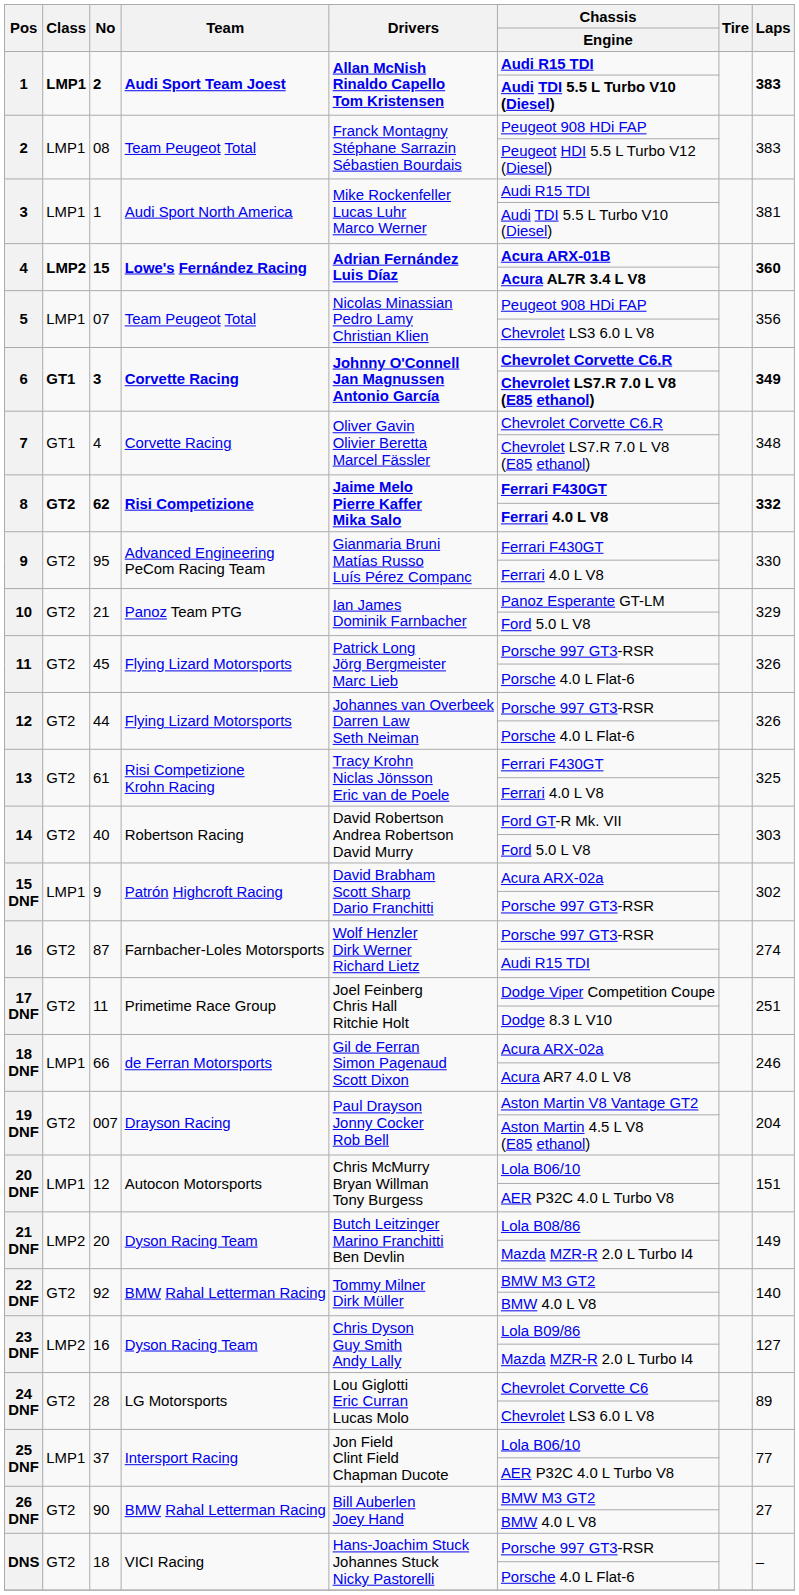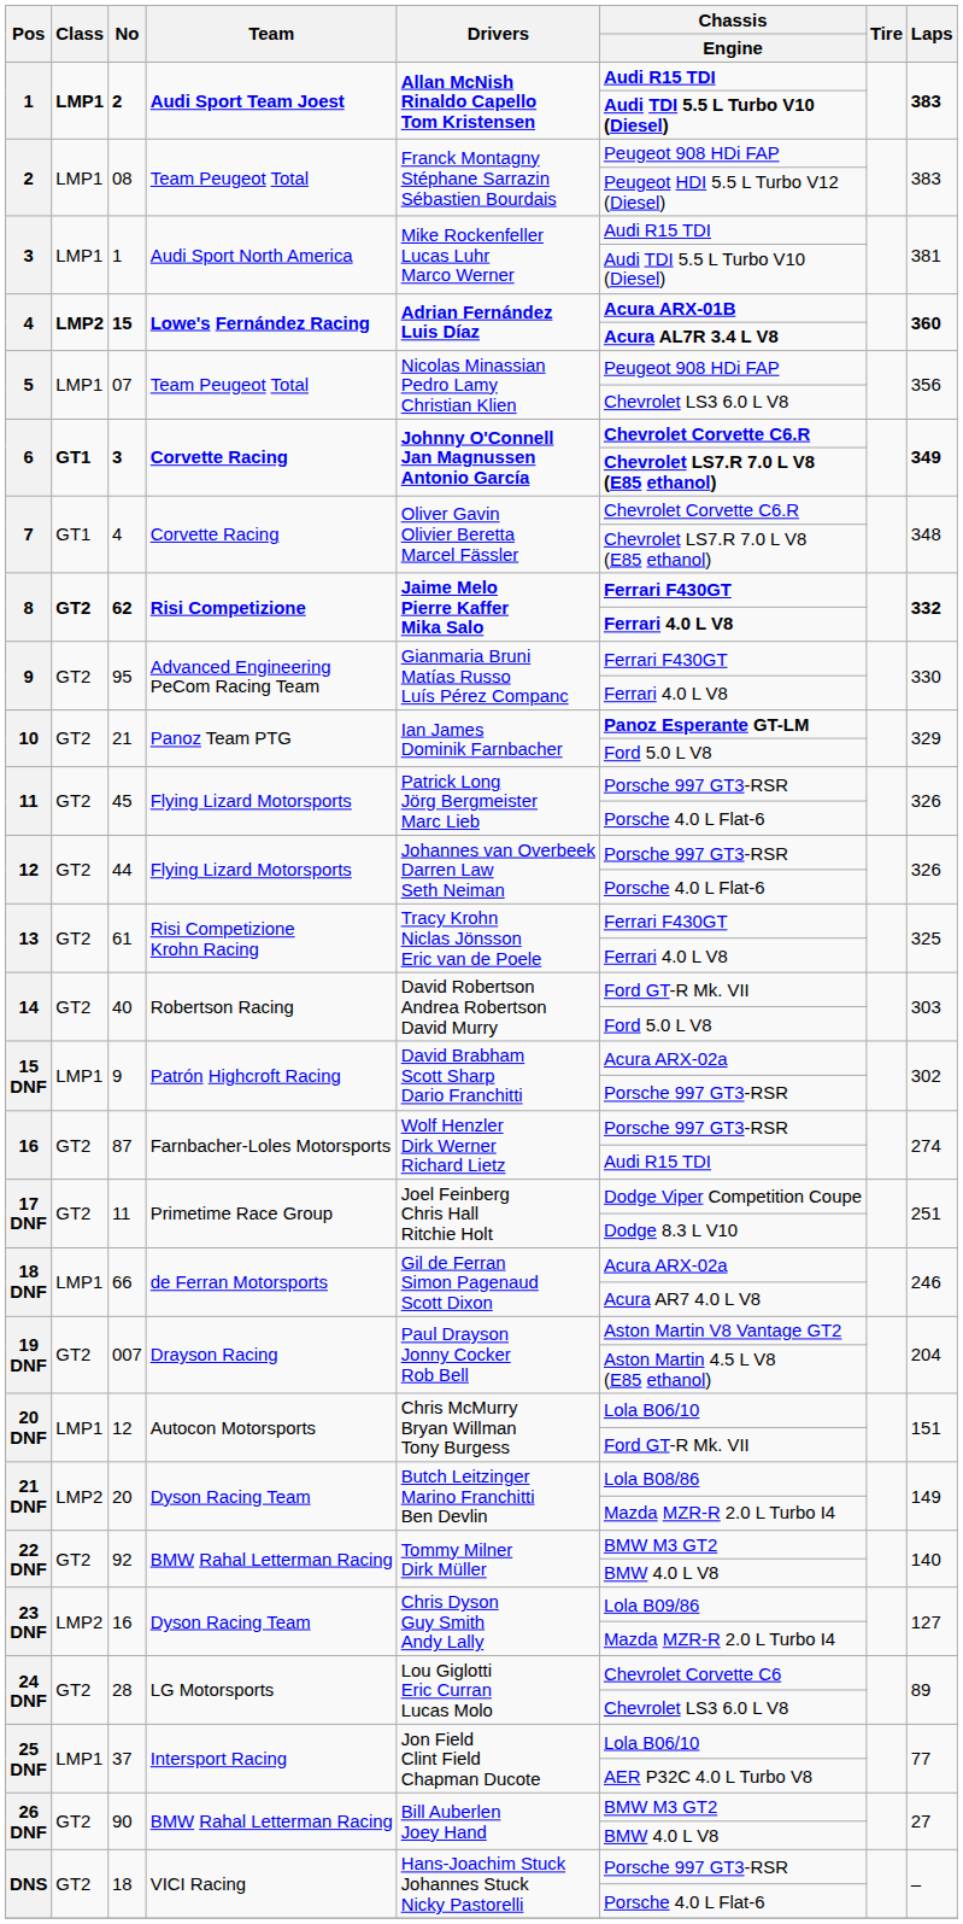 <table class="wikitable" style="font-size: 95%;">
 <tr>
 <th rowspan=2>Pos</th>
 <th rowspan=2>Class</th>
 <th rowspan=2>No</th>
 <th rowspan=2>Team</th>
 <th rowspan=2>Drivers</th>
 <th>Chassis</th>
 <th rowspan=2>Tire</th>
 <th rowspan=2>Laps</th>
 </tr>
 <tr>
 <th>Engine</th>
 </tr>
 <tr style="font-weight:bold">
 <th rowspan=2>1</th>
 <td rowspan=2>LMP1</td>
 <td rowspan=2>2</td>
 <td rowspan=2> <a href='#'>Audi Sport Team Joest</a></td>
 <td rowspan=2> <a href='#'>Allan McNish</a><br> <a href='#'>Rinaldo Capello</a><br> <a href='#'>Tom Kristensen</a></td>
 <td><a href='#'>Audi R15 TDI</a></td>
 <td rowspan=2></td>
 <td rowspan=2>383</td>
 </tr>
 <tr style="font-weight:bold">
 <td><a href='#'>Audi</a> <a href='#'>TDI</a> 5.5 L Turbo V10<br>(<a href='#'>Diesel</a>)</td>
 </tr>
 <tr>
 <th rowspan=2>2</th>
 <td rowspan=2>LMP1</td>
 <td rowspan=2>08</td>
 <td rowspan=2> <a href='#'>Team Peugeot</a> <a href='#'>Total</a></td>
 <td rowspan=2> <a href='#'>Franck Montagny</a><br> <a href='#'>Stéphane Sarrazin</a><br> <a href='#'>Sébastien Bourdais</a></td>
 <td><a href='#'>Peugeot 908 HDi FAP</a></td>
 <td rowspan=2></td>
 <td rowspan=2>383</td>
 </tr>
 <tr>
 <td><a href='#'>Peugeot</a> <a href='#'>HDI</a> 5.5 L Turbo V12<br>(<a href='#'>Diesel</a>)</td>
 </tr>
 <tr>
 <th rowspan=2>3</th>
 <td rowspan=2>LMP1</td>
 <td rowspan=2>1</td>
 <td rowspan=2> <a href='#'>Audi Sport North America</a></td>
 <td rowspan=2> <a href='#'>Mike Rockenfeller</a><br> <a href='#'>Lucas Luhr</a><br> <a href='#'>Marco Werner</a></td>
 <td><a href='#'>Audi R15 TDI</a></td>
 <td rowspan=2></td>
 <td rowspan=2>381</td>
 </tr>
 <tr>
 <td><a href='#'>Audi</a> <a href='#'>TDI</a> 5.5 L Turbo V10<br>(<a href='#'>Diesel</a>)</td>
 </tr>
 <tr style="font-weight:bold">
 <th rowspan=2>4</th>
 <td rowspan=2>LMP2</td>
 <td rowspan=2>15</td>
 <td rowspan=2> <a href='#'>Lowe's</a> <a href='#'>Fernández Racing</a></td>
 <td rowspan=2> <a href='#'>Adrian Fernández</a><br> <a href='#'>Luis Díaz</a></td>
 <td><a href='#'>Acura ARX-01B</a></td>
 <td rowspan=2></td>
 <td rowspan=2>360</td>
 </tr>
 <tr style="font-weight:bold">
 <td><a href='#'>Acura</a> AL7R 3.4 L V8</td>
 </tr>
 <tr>
 <th rowspan=2>5</th>
 <td rowspan=2>LMP1</td>
 <td rowspan=2>07</td>
 <td rowspan=2> <a href='#'>Team Peugeot</a> <a href='#'>Total</a></td>
 <td rowspan=2> <a href='#'>Nicolas Minassian</a><br> <a href='#'>Pedro Lamy</a><br> <a href='#'>Christian Klien</a></td>
 <td><a href='#'>Peugeot 908 HDi FAP</a></td>
 <td rowspan=2></td>
 <td rowspan=2>356</td>
 </tr>
 <tr>
 <td><a href='#'>Chevrolet</a> LS3 6.0 L V8</td>
 </tr>
 <tr style="font-weight:bold">
 <th rowspan=2>6</th>
 <td rowspan=2>GT1</td>
 <td rowspan=2>3</td>
 <td rowspan=2> <a href='#'>Corvette Racing</a></td>
 <td rowspan=2> <a href='#'>Johnny O'Connell</a><br> <a href='#'>Jan Magnussen</a><br> <a href='#'>Antonio García</a></td>
 <td><a href='#'>Chevrolet Corvette C6.R</a></td>
 <td rowspan=2></td>
 <td rowspan=2>349</td>
 </tr>
 <tr style="font-weight:bold">
 <td><a href='#'>Chevrolet</a> LS7.R 7.0 L V8<br>(<a href='#'>E85</a> <a href='#'>ethanol</a>)</td>
 </tr>
 <tr>
 <th rowspan=2>7</th>
 <td rowspan=2>GT1</td>
 <td rowspan=2>4</td>
 <td rowspan=2> <a href='#'>Corvette Racing</a></td>
 <td rowspan=2> <a href='#'>Oliver Gavin</a><br> <a href='#'>Olivier Beretta</a><br> <a href='#'>Marcel Fässler</a></td>
 <td><a href='#'>Chevrolet Corvette C6.R</a></td>
 <td rowspan=2></td>
 <td rowspan=2>348</td>
 </tr>
 <tr>
 <td><a href='#'>Chevrolet</a> LS7.R 7.0 L V8<br>(<a href='#'>E85</a> <a href='#'>ethanol</a>)</td>
 </tr>
 <tr style="font-weight:bold">
 <th rowspan=2>8</th>
 <td rowspan=2>GT2</td>
 <td rowspan=2>62</td>
 <td rowspan=2> <a href='#'>Risi Competizione</a></td>
 <td rowspan=2> <a href='#'>Jaime Melo</a><br> <a href='#'>Pierre Kaffer</a><br> <a href='#'>Mika Salo</a></td>
 <td><a href='#'>Ferrari F430GT</a></td>
 <td rowspan=2></td>
 <td rowspan=2>332</td>
 </tr>
 <tr style="font-weight:bold">
 <td><a href='#'>Ferrari</a> 4.0 L V8</td>
 </tr>
 <tr>
 <th rowspan=2>9</th>
 <td rowspan=2>GT2</td>
 <td rowspan=2>95</td>
 <td rowspan=2> <a href='#'>Advanced Engineering</a><br> PeCom Racing Team</td>
 <td rowspan=2> <a href='#'>Gianmaria Bruni</a><br> <a href='#'>Matías Russo</a><br> <a href='#'>Luís Pérez Companc</a></td>
 <td><a href='#'>Ferrari F430GT</a></td>
 <td rowspan=2></td>
 <td rowspan=2>330</td>
 </tr>
 <tr>
 <td><a href='#'>Ferrari</a> 4.0 L V8</td>
 </tr>
 <tr>
 <th rowspan=2>10</th>
 <td rowspan=2>GT2</td>
 <td rowspan=2>21</td>
 <td rowspan=2> <a href='#'>Panoz</a> Team PTG</td>
 <td rowspan=2> <a href='#'>Ian James</a><br> <a href='#'>Dominik Farnbacher</a></td>
-<td><a href='#'>Panoz Esperante</a> GT-LM</td>
+<td><strong><a href='#'>Panoz Esperante</a> GT-LM</strong></td>
 <td rowspan=2></td>
 <td rowspan=2>329</td>
 </tr>
 <tr>
 <td><a href='#'>Ford</a> 5.0 L V8</td>
 </tr>
 <tr>
 <th rowspan=2>11</th>
 <td rowspan=2>GT2</td>
 <td rowspan=2>45</td>
 <td rowspan=2> <a href='#'>Flying Lizard Motorsports</a></td>
 <td rowspan=2> <a href='#'>Patrick Long</a><br> <a href='#'>Jörg Bergmeister</a><br> <a href='#'>Marc Lieb</a></td>
 <td><a href='#'>Porsche 997 GT3</a>-RSR</td>
 <td rowspan=2></td>
 <td rowspan=2>326</td>
 </tr>
 <tr>
 <td><a href='#'>Porsche</a> 4.0 L Flat-6</td>
 </tr>
 <tr>
 <th rowspan=2>12</th>
 <td rowspan=2>GT2</td>
 <td rowspan=2>44</td>
 <td rowspan=2> <a href='#'>Flying Lizard Motorsports</a></td>
 <td rowspan=2> <a href='#'>Johannes van Overbeek</a><br> <a href='#'>Darren Law</a><br> <a href='#'>Seth Neiman</a></td>
 <td><a href='#'>Porsche 997 GT3</a>-RSR</td>
 <td rowspan=2></td>
 <td rowspan=2>326</td>
 </tr>
 <tr>
 <td><a href='#'>Porsche</a> 4.0 L Flat-6</td>
 </tr>
 <tr>
 <th rowspan=2>13</th>
 <td rowspan=2>GT2</td>
 <td rowspan=2>61</td>
 <td rowspan=2> <a href='#'>Risi Competizione</a><br> <a href='#'>Krohn Racing</a></td>
 <td rowspan=2> <a href='#'>Tracy Krohn</a><br> <a href='#'>Niclas Jönsson</a><br> <a href='#'>Eric van de Poele</a></td>
 <td><a href='#'>Ferrari F430GT</a></td>
 <td rowspan=2></td>
 <td rowspan=2>325</td>
 </tr>
 <tr>
 <td><a href='#'>Ferrari</a> 4.0 L V8</td>
 </tr>
 <tr>
 <th rowspan=2>14</th>
 <td rowspan=2>GT2</td>
 <td rowspan=2>40</td>
 <td rowspan=2> Robertson Racing</td>
 <td rowspan=2> David Robertson<br> Andrea Robertson<br> David Murry</td>
 <td><a href='#'>Ford GT</a>-R Mk. VII</td>
 <td rowspan=2></td>
 <td rowspan=2>303</td>
 </tr>
 <tr>
 <td><a href='#'>Ford</a> 5.0 L V8</td>
 </tr>
 <tr>
 <th rowspan=2>15<br>DNF</th>
 <td rowspan=2>LMP1</td>
 <td rowspan=2>9</td>
 <td rowspan=2> <a href='#'>Patrón</a> <a href='#'>Highcroft Racing</a></td>
 <td rowspan=2> <a href='#'>David Brabham</a><br> <a href='#'>Scott Sharp</a><br> <a href='#'>Dario Franchitti</a></td>
 <td><a href='#'>Acura ARX-02a</a></td>
 <td rowspan=2></td>
 <td rowspan=2>302</td>
 </tr>
 <tr>
 <td><a href='#'>Porsche 997 GT3</a>-RSR</td>
 </tr>
 <tr>
 <th rowspan=2>16</th>
 <td rowspan=2>GT2</td>
 <td rowspan=2>87</td>
 <td rowspan=2> Farnbacher-Loles Motorsports</td>
 <td rowspan=2> <a href='#'>Wolf Henzler</a><br> <a href='#'>Dirk Werner</a><br> <a href='#'>Richard Lietz</a></td>
 <td><a href='#'>Porsche 997 GT3</a>-RSR</td>
 <td rowspan=2></td>
 <td rowspan=2>274</td>
 </tr>
 <tr>
 <td><a href='#'>Audi R15 TDI</a></td>
 </tr>
 <tr>
 <th rowspan=2>17<br>DNF</th>
 <td rowspan=2>GT2</td>
 <td rowspan=2>11</td>
 <td rowspan=2> Primetime Race Group</td>
 <td rowspan=2> Joel Feinberg<br> Chris Hall<br> Ritchie Holt</td>
 <td><a href='#'>Dodge Viper</a> Competition Coupe</td>
 <td rowspan=2></td>
 <td rowspan=2>251</td>
 </tr>
 <tr>
 <td><a href='#'>Dodge</a> 8.3 L V10</td>
 </tr>
 <tr>
 <th rowspan=2>18<br>DNF</th>
 <td rowspan=2>LMP1</td>
 <td rowspan=2>66</td>
 <td rowspan=2> <a href='#'>de Ferran Motorsports</a></td>
 <td rowspan=2> <a href='#'>Gil de Ferran</a><br> <a href='#'>Simon Pagenaud</a><br> <a href='#'>Scott Dixon</a></td>
 <td><a href='#'>Acura ARX-02a</a></td>
 <td rowspan=2></td>
 <td rowspan=2>246</td>
 </tr>
 <tr>
 <td><a href='#'>Acura</a> AR7 4.0 L V8</td>
 </tr>
 <tr>
 <th rowspan=2>19<br>DNF</th>
 <td rowspan=2>GT2</td>
 <td rowspan=2>007</td>
 <td rowspan=2> <a href='#'>Drayson Racing</a></td>
 <td rowspan=2> <a href='#'>Paul Drayson</a><br> <a href='#'>Jonny Cocker</a><br> <a href='#'>Rob Bell</a></td>
 <td><a href='#'>Aston Martin V8 Vantage GT2</a></td>
 <td rowspan=2></td>
 <td rowspan=2>204</td>
 </tr>
 <tr>
 <td><a href='#'>Aston Martin</a> 4.5 L V8<br>(<a href='#'>E85</a> <a href='#'>ethanol</a>)</td>
 </tr>
 <tr>
 <th rowspan=2>20<br>DNF</th>
 <td rowspan=2>LMP1</td>
 <td rowspan=2>12</td>
 <td rowspan=2> Autocon Motorsports</td>
 <td rowspan=2> Chris McMurry<br> Bryan Willman<br> Tony Burgess</td>
 <td><a href='#'>Lola B06/10</a></td>
 <td rowspan=2></td>
 <td rowspan=2>151</td>
 </tr>
 <tr>
-<td><a href='#'>AER</a> P32C 4.0 L Turbo V8</td>
+<td><a href='#'>Ford GT</a>-R Mk. VII</td>
 </tr>
 <tr>
 <th rowspan=2>21<br>DNF</th>
 <td rowspan=2>LMP2</td>
 <td rowspan=2>20</td>
 <td rowspan=2> <a href='#'>Dyson Racing Team</a></td>
 <td rowspan=2> <a href='#'>Butch Leitzinger</a><br> <a href='#'>Marino Franchitti</a><br> Ben Devlin</td>
 <td><a href='#'>Lola B08/86</a></td>
 <td rowspan=2></td>
 <td rowspan=2>149</td>
 </tr>
 <tr>
 <td><a href='#'>Mazda</a> <a href='#'>MZR-R</a> 2.0 L Turbo I4</td>
 </tr>
 <tr>
 <th rowspan=2>22<br>DNF</th>
 <td rowspan=2>GT2</td>
 <td rowspan=2>92</td>
 <td rowspan=2> <a href='#'>BMW</a> <a href='#'>Rahal Letterman Racing</a></td>
 <td rowspan=2> <a href='#'>Tommy Milner</a><br> <a href='#'>Dirk Müller</a></td>
 <td><a href='#'>BMW M3 GT2</a></td>
 <td rowspan=2></td>
 <td rowspan=2>140</td>
 </tr>
 <tr>
 <td><a href='#'>BMW</a> 4.0 L V8</td>
 </tr>
 <tr>
 <th rowspan=2>23<br>DNF</th>
 <td rowspan=2>LMP2</td>
 <td rowspan=2>16</td>
 <td rowspan=2> <a href='#'>Dyson Racing Team</a></td>
 <td rowspan=2> <a href='#'>Chris Dyson</a><br> <a href='#'>Guy Smith</a><br> <a href='#'>Andy Lally</a></td>
 <td><a href='#'>Lola B09/86</a></td>
 <td rowspan=2></td>
 <td rowspan=2>127</td>
 </tr>
 <tr>
 <td><a href='#'>Mazda</a> <a href='#'>MZR-R</a> 2.0 L Turbo I4</td>
 </tr>
 <tr>
 <th rowspan=2>24<br>DNF</th>
 <td rowspan=2>GT2</td>
 <td rowspan=2>28</td>
 <td rowspan=2> LG Motorsports</td>
 <td rowspan=2> Lou Giglotti<br> <a href='#'>Eric Curran</a><br> Lucas Molo</td>
 <td><a href='#'>Chevrolet Corvette C6</a></td>
 <td rowspan=2></td>
 <td rowspan=2>89</td>
 </tr>
 <tr>
 <td><a href='#'>Chevrolet</a> LS3 6.0 L V8</td>
 </tr>
 <tr>
 <th rowspan=2>25<br>DNF</th>
 <td rowspan=2>LMP1</td>
 <td rowspan=2>37</td>
 <td rowspan=2> <a href='#'>Intersport Racing</a></td>
 <td rowspan=2> Jon Field<br> Clint Field<br> Chapman Ducote</td>
 <td><a href='#'>Lola B06/10</a></td>
 <td rowspan=2></td>
 <td rowspan=2>77</td>
 </tr>
 <tr>
 <td><a href='#'>AER</a> P32C 4.0 L Turbo V8</td>
 </tr>
 <tr>
 <th rowspan=2>26<br>DNF</th>
 <td rowspan=2>GT2</td>
 <td rowspan=2>90</td>
 <td rowspan=2> <a href='#'>BMW</a> <a href='#'>Rahal Letterman Racing</a></td>
 <td rowspan=2> <a href='#'>Bill Auberlen</a><br> <a href='#'>Joey Hand</a></td>
 <td><a href='#'>BMW M3 GT2</a></td>
 <td rowspan=2></td>
 <td rowspan=2>27</td>
 </tr>
 <tr>
 <td><a href='#'>BMW</a> 4.0 L V8</td>
 </tr>
 <tr>
 <th rowspan=2>DNS</th>
 <td rowspan=2>GT2</td>
 <td rowspan=2>18</td>
 <td rowspan=2> VICI Racing</td>
 <td rowspan=2> <a href='#'>Hans-Joachim Stuck</a><br> Johannes Stuck<br> <a href='#'>Nicky Pastorelli</a></td>
 <td><a href='#'>Porsche 997 GT3</a>-RSR</td>
 <td rowspan=2></td>
 <td rowspan=2>–</td>
 </tr>
 <tr>
 <td><a href='#'>Porsche</a> 4.0 L Flat-6</td>
 </tr>
 <tr>
 </tr>
 </table>
